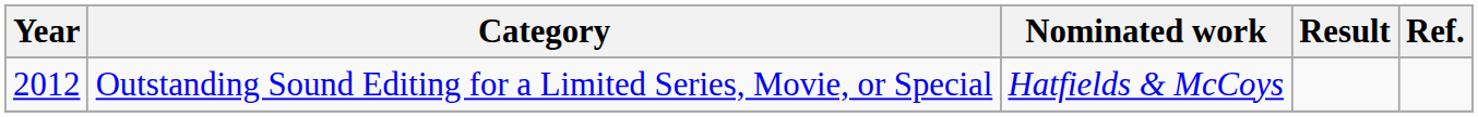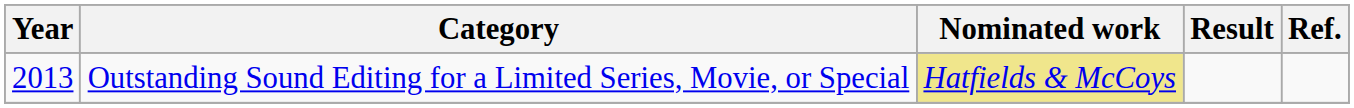 <table class="wikitable sortable">
 <tr>
 <th>Year</th>
 <th>Category</th>
 <th>Nominated work</th>
 <th>Result</th>
 <th>Ref.</th>
 </tr>
 <tr>
-<td><a href='#'>2012</a></td>
+<td><a href='#'>2013</a></td>
 <td><a href='#'>Outstanding Sound Editing for a Limited Series, Movie, or Special</a></td>
-<td><em><a href='#'>Hatfields & McCoys</a></em></td>
+<td style="background: khaki;"><em><a href='#'>Hatfields & McCoys</a></em></td>
 <td></td>
 <td style="text-align:center;"></td>
 </tr>
 <tr>
 </tr>
 </table>
